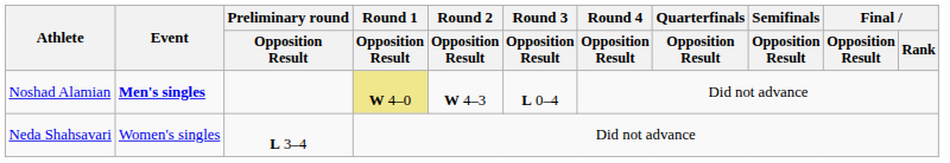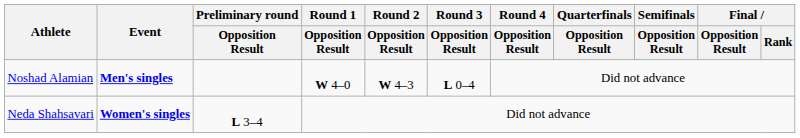 <table class="wikitable" style="font-size:90%;">
 <tr>
 <th rowspan=2>Athlete</th>
 <th rowspan=2>Event</th>
 <th>Preliminary round</th>
 <th>Round 1</th>
 <th>Round 2</th>
 <th>Round 3</th>
 <th>Round 4</th>
 <th>Quarterfinals</th>
 <th>Semifinals</th>
 <th colspan=2>Final / </th>
 </tr>
 <tr style="font-size:95%">
 <th>Opposition<br>Result</th>
 <th>Opposition<br>Result</th>
 <th>Opposition<br>Result</th>
 <th>Opposition<br>Result</th>
 <th>Opposition<br>Result</th>
 <th>Opposition<br>Result</th>
 <th>Opposition<br>Result</th>
 <th>Opposition<br>Result</th>
 <th>Rank</th>
 </tr>
 <tr align=center>
 <td align=left><a href='#'>Noshad Alamian</a></td>
 <td align=left><strong><a href='#'>Men's singles</a></strong></td>
 <td></td>
-<td style="background: khaki;"><br><strong>W</strong> 4–0</td>
+<td><br><strong>W</strong> 4–0</td>
 <td><br><strong>W</strong> 4–3</td>
 <td><br><strong>L</strong> 0–4</td>
 <td colspan=5>Did not advance</td>
 </tr>
 <tr align=center>
 <td align=left><a href='#'>Neda Shahsavari</a></td>
-<td align=left><a href='#'>Women's singles</a></td>
+<td align=left><strong><a href='#'>Women's singles</a></strong></td>
 <td><br><strong>L</strong> 3–4</td>
 <td colspan=8>Did not advance</td>
 </tr>
 </table>
